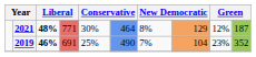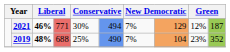 <table class="wikitable" style="width:400; font-size:90%; margin-left:1em;">
 <tr>
 <th colspan="2" scope="col">Year</th>
 <th colspan="2" scope="col"><a href='#'>Liberal</a></th>
 <th colspan="2" scope="col"><a href='#'>Conservative</a></th>
 <th colspan="2" scope="col"><a href='#'>New Democratic</a></th>
 <th colspan="2" scope="col"><a href='#'>Green</a></th>
 </tr>
 <tr>
 <td rowspan="2" style="width: 0.25em; background-color: "></td>
 <th><a href='#'>2021</a></th>
-<td><strong>48%</strong></td>
+<td><strong>46%</strong></td>
 <td style="text-align:right; background:#EA6D6A;">771</td>
 <td>30%</td>
-<td style="text-align:right; background:#6495ED;">464</td>
-<td>8%</td>
+<td style="text-align:right; background:#6495ED;">494</td>
+<td>7%</td>
 <td style="text-align:right; background:#F4A460;">129</td>
 <td>12%</td>
 <td style="text-align:right; background:#99C955;">187</td>
 </tr>
 <tr>
 <th><a href='#'>2019</a></th>
-<td><strong>46%</strong></td>
-<td style="text-align:right; background:#EA6D6A;">691</td>
+<td><strong>48%</strong></td>
+<td style="text-align:right; background:#EA6D6A;">688</td>
 <td>25%</td>
 <td style="text-align:right; background:#6495ED;">490</td>
 <td>7%</td>
 <td style="text-align:right; background:#F4A460;">104</td>
 <td>23%</td>
 <td style="text-align:right; background:#99C955;">352</td>
 </tr>
 <tr>
 </tr>
 </table>
